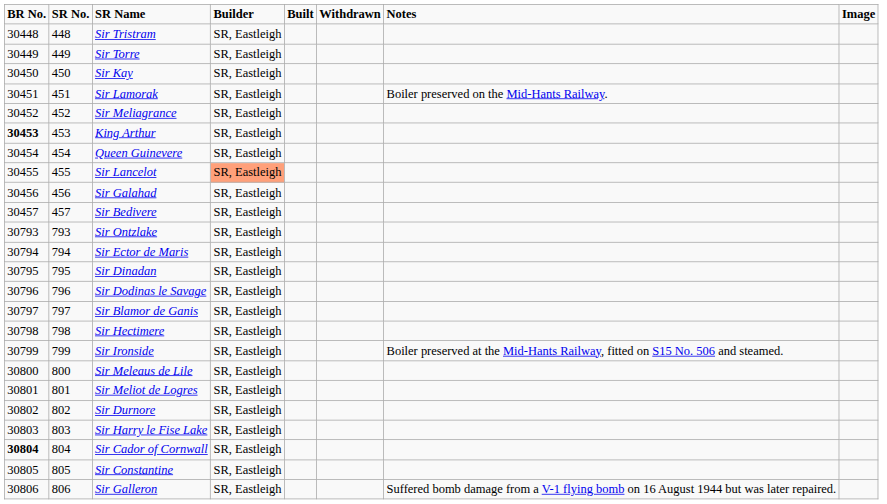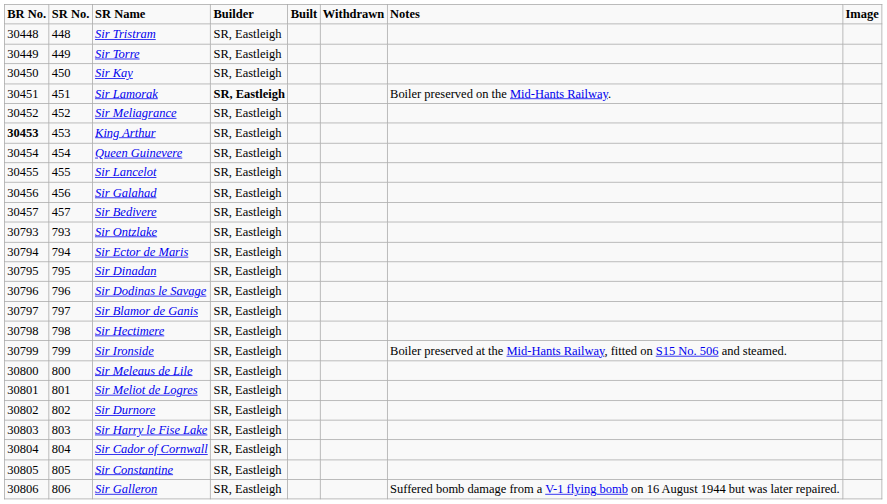 <table class="wikitable">
 <tr>
 <td><strong>BR No.</strong></td>
 <td><strong>SR No.</strong></td>
 <td><strong>SR Name</strong></td>
 <td><strong>Builder</strong></td>
 <td><strong>Built</strong></td>
 <td><strong>Withdrawn</strong></td>
 <td><strong>Notes</strong></td>
 <td><strong>Image</strong></td>
 </tr>
 <tr>
 <td>30448</td>
 <td>448</td>
 <td><em><a href='#'>Sir Tristram</a></em></td>
 <td>SR, Eastleigh</td>
 <td></td>
 <td></td>
 <td></td>
 <td></td>
 </tr>
 <tr>
 <td>30449</td>
 <td>449</td>
 <td><em><a href='#'>Sir Torre</a></em></td>
 <td>SR, Eastleigh</td>
 <td></td>
 <td></td>
 <td></td>
 <td></td>
 </tr>
 <tr>
 <td>30450</td>
 <td>450</td>
 <td><em><a href='#'>Sir Kay</a></em></td>
 <td>SR, Eastleigh</td>
 <td></td>
 <td></td>
 <td></td>
 <td></td>
 </tr>
 <tr>
 <td>30451</td>
 <td>451</td>
 <td><em><a href='#'>Sir Lamorak</a></em></td>
-<td>SR, Eastleigh</td>
+<td><strong>SR, Eastleigh</strong></td>
 <td></td>
 <td></td>
 <td>Boiler preserved on the <a href='#'>Mid-Hants Railway</a>.</td>
 <td></td>
 </tr>
 <tr>
 <td>30452</td>
 <td>452</td>
 <td><em><a href='#'>Sir Meliagrance</a></em></td>
 <td>SR, Eastleigh</td>
 <td></td>
 <td></td>
 <td></td>
 <td></td>
 </tr>
 <tr>
 <td><strong>30453</strong></td>
 <td>453</td>
 <td><em><a href='#'>King Arthur</a></em></td>
 <td>SR, Eastleigh</td>
 <td></td>
 <td></td>
 <td></td>
 <td></td>
 </tr>
 <tr>
 <td>30454</td>
 <td>454</td>
 <td><em><a href='#'>Queen Guinevere</a></em></td>
 <td>SR, Eastleigh</td>
 <td></td>
 <td></td>
 <td></td>
 <td></td>
 </tr>
 <tr>
 <td>30455</td>
 <td>455</td>
 <td><em><a href='#'>Sir Lancelot</a></em></td>
-<td style="background: lightsalmon;">SR, Eastleigh</td>
+<td>SR, Eastleigh</td>
 <td></td>
 <td></td>
 <td></td>
 <td></td>
 </tr>
 <tr>
 <td>30456</td>
 <td>456</td>
 <td><em><a href='#'>Sir Galahad</a></em></td>
 <td>SR, Eastleigh</td>
 <td></td>
 <td></td>
 <td></td>
 <td></td>
 </tr>
 <tr>
 <td>30457</td>
 <td>457</td>
 <td><em><a href='#'>Sir Bedivere</a></em></td>
 <td>SR, Eastleigh</td>
 <td></td>
 <td></td>
 <td></td>
 <td></td>
 </tr>
 <tr>
 <td>30793</td>
 <td>793</td>
 <td><em><a href='#'>Sir Ontzlake</a></em></td>
 <td>SR, Eastleigh</td>
 <td></td>
 <td></td>
 <td></td>
 <td></td>
 </tr>
 <tr>
 <td>30794</td>
 <td>794</td>
 <td><em><a href='#'>Sir Ector de Maris</a></em></td>
 <td>SR, Eastleigh</td>
 <td></td>
 <td></td>
 <td></td>
 <td></td>
 </tr>
 <tr>
 <td>30795</td>
 <td>795</td>
 <td><em><a href='#'>Sir Dinadan</a></em></td>
 <td>SR, Eastleigh</td>
 <td></td>
 <td></td>
 <td></td>
 <td></td>
 </tr>
 <tr>
 <td>30796</td>
 <td>796</td>
 <td><em><a href='#'>Sir Dodinas le Savage</a></em></td>
 <td>SR, Eastleigh</td>
 <td></td>
 <td></td>
 <td></td>
 <td></td>
 </tr>
 <tr>
 <td>30797</td>
 <td>797</td>
 <td><em><a href='#'>Sir Blamor de Ganis</a></em></td>
 <td>SR, Eastleigh</td>
 <td></td>
 <td></td>
 <td></td>
 <td></td>
 </tr>
 <tr>
 <td>30798</td>
 <td>798</td>
 <td><em><a href='#'>Sir Hectimere</a></em></td>
 <td>SR, Eastleigh</td>
 <td></td>
 <td></td>
 <td></td>
 <td></td>
 </tr>
 <tr>
 <td>30799</td>
 <td>799</td>
 <td><em><a href='#'>Sir Ironside</a></em></td>
 <td>SR, Eastleigh</td>
 <td></td>
 <td></td>
 <td>Boiler preserved at the <a href='#'>Mid-Hants Railway</a>, fitted on <a href='#'>S15 No. 506</a> and steamed.</td>
 <td></td>
 </tr>
 <tr>
 <td>30800</td>
 <td>800</td>
 <td><em><a href='#'>Sir Meleaus de Lile</a></em></td>
 <td>SR, Eastleigh</td>
 <td></td>
 <td></td>
 <td></td>
 <td></td>
 </tr>
 <tr>
 <td>30801</td>
 <td>801</td>
 <td><em><a href='#'>Sir Meliot de Logres</a></em></td>
 <td>SR, Eastleigh</td>
 <td></td>
 <td></td>
 <td></td>
 <td></td>
 </tr>
 <tr>
 <td>30802</td>
 <td>802</td>
 <td><em><a href='#'>Sir Durnore</a></em></td>
 <td>SR, Eastleigh</td>
 <td></td>
 <td></td>
 <td></td>
 </tr>
 <tr>
 <td>30803</td>
 <td>803</td>
 <td><em><a href='#'>Sir Harry le Fise Lake</a></em></td>
 <td>SR, Eastleigh</td>
 <td></td>
 <td></td>
 <td></td>
 <td></td>
 </tr>
 <tr>
-<td><strong>30804</strong></td>
+<td>30804</td>
 <td>804</td>
 <td><em><a href='#'>Sir Cador of Cornwall</a></em></td>
 <td>SR, Eastleigh</td>
 <td></td>
 <td></td>
 <td></td>
 </tr>
 <tr>
 <td>30805</td>
 <td>805</td>
 <td><em><a href='#'>Sir Constantine</a></em></td>
 <td>SR, Eastleigh</td>
 <td></td>
 <td></td>
 <td></td>
 <td></td>
 </tr>
 <tr>
 <td>30806</td>
 <td>806</td>
 <td><em><a href='#'>Sir Galleron</a></em></td>
 <td>SR, Eastleigh</td>
 <td></td>
 <td></td>
 <td>Suffered bomb damage from a <a href='#'>V-1 flying bomb</a> on 16 August 1944 but was later repaired.</td>
 <td></td>
 </tr>
 </table>
